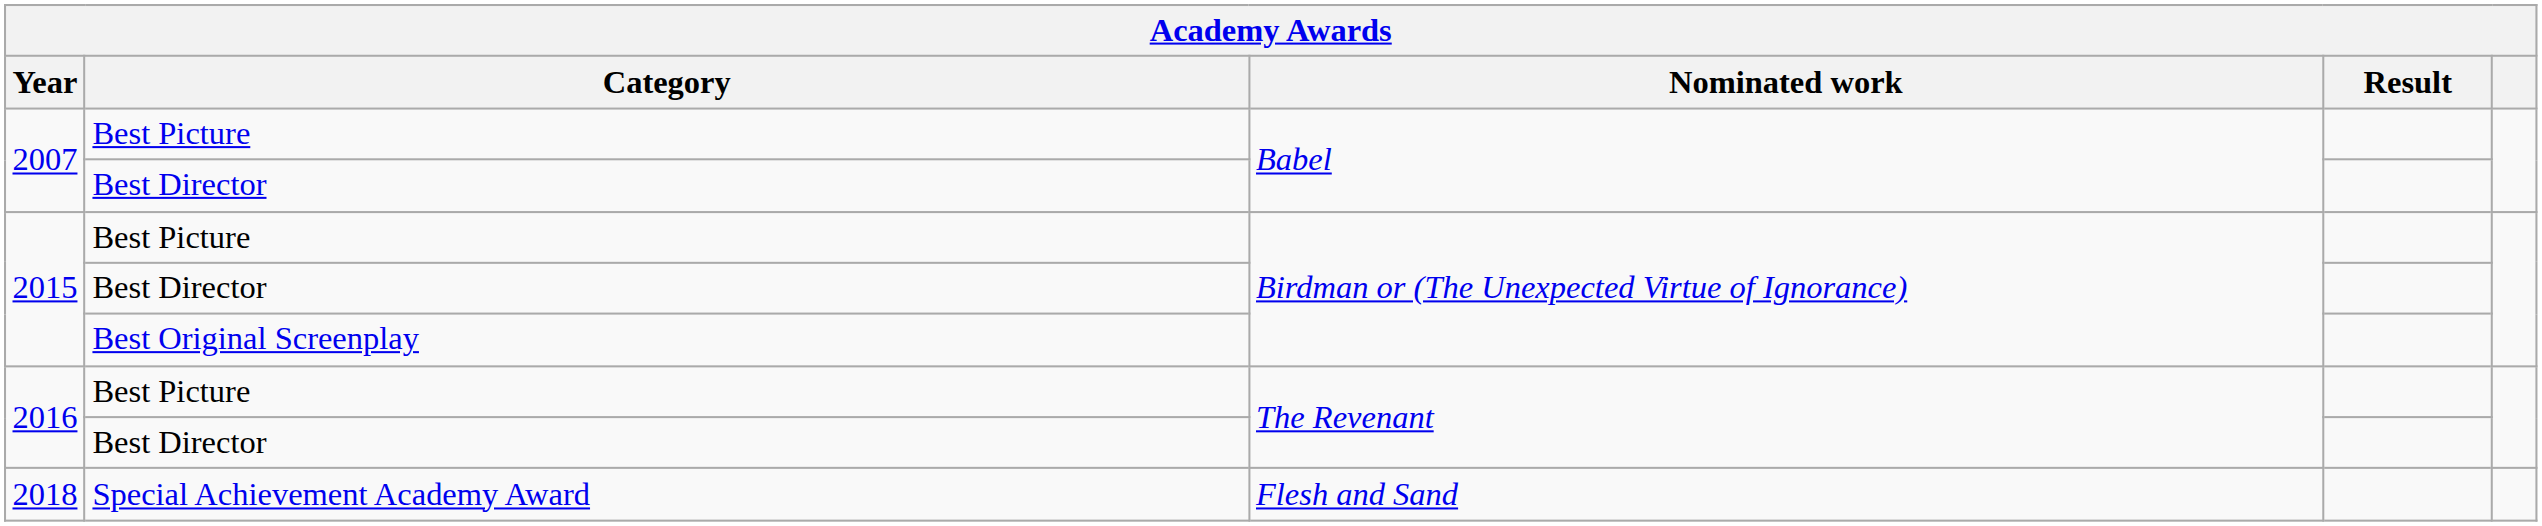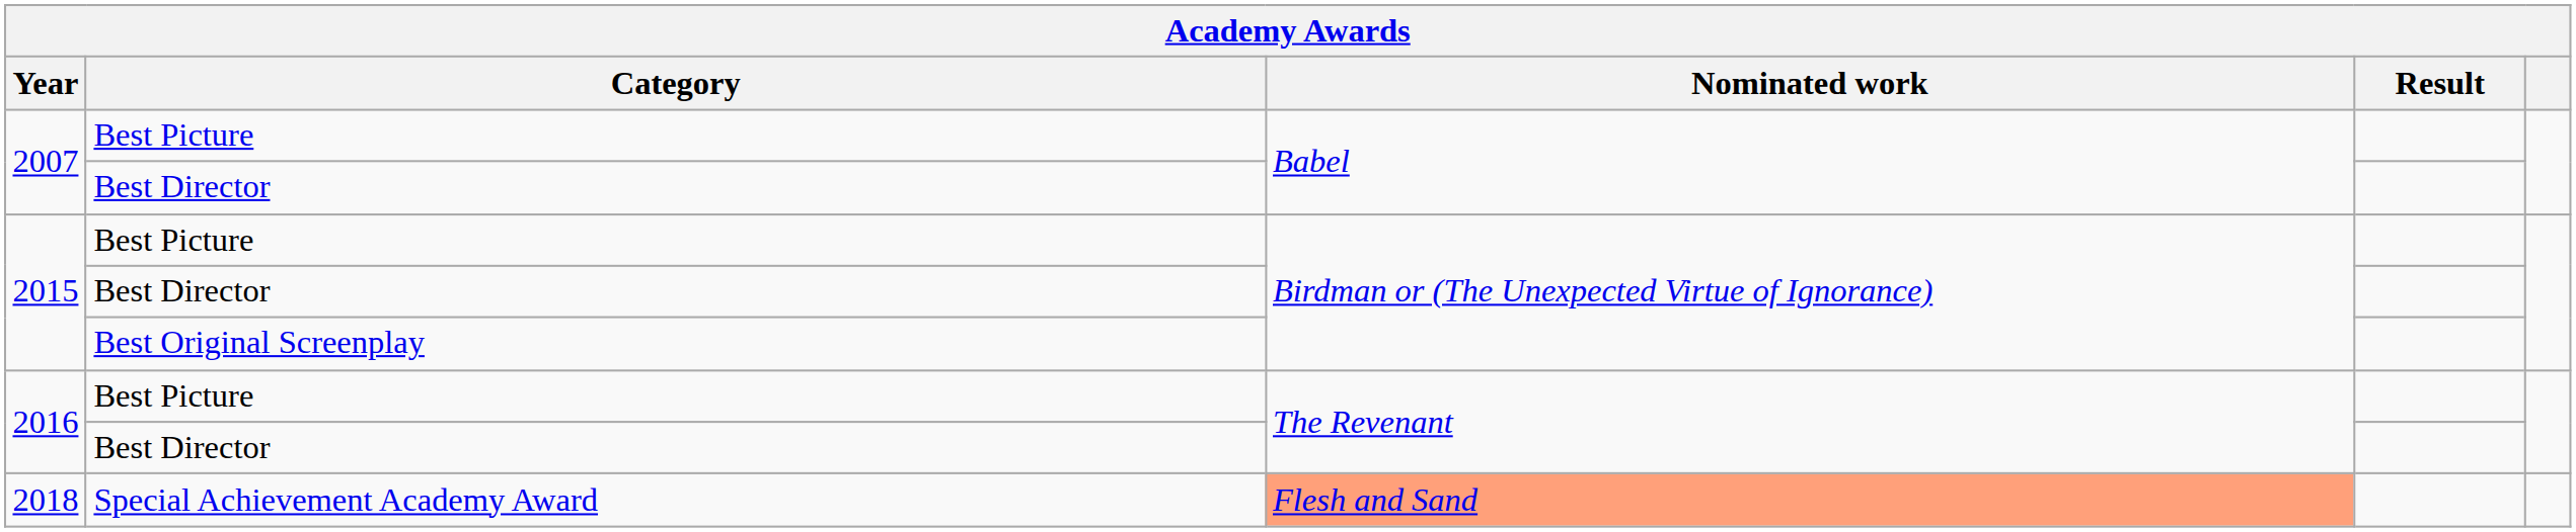 <table class="wikitable">
 <tr>
 <th colspan="7" style="text-align:center;"><a href='#'>Academy Awards</a></th>
 </tr>
 <tr>
 <th scope="col" style="width:1em;">Year</th>
 <th scope="col" style="width:39em;">Category</th>
 <th scope="col" style="width:36em;">Nominated work</th>
 <th scope="col" style="width:5em;">Result</th>
 <th scope="col" style="width:1em;"></th>
 </tr>
 <tr>
 <td rowspan="2"><a href='#'>2007</a></td>
 <td><a href='#'>Best Picture</a></td>
 <td rowspan="2"><em><a href='#'>Babel</a></em></td>
 <td></td>
 <td style="text-align:center;" rowspan="2"></td>
 </tr>
 <tr>
 <td><a href='#'>Best Director</a></td>
 <td></td>
 </tr>
 <tr>
 <td rowspan="3"><a href='#'>2015</a></td>
 <td>Best Picture</td>
 <td rowspan="3"><em><a href='#'>Birdman or (The Unexpected Virtue of Ignorance)</a></em></td>
 <td></td>
 <td style="text-align:center;" rowspan="3"></td>
 </tr>
 <tr>
 <td>Best Director</td>
 <td></td>
 </tr>
 <tr>
 <td><a href='#'>Best Original Screenplay</a></td>
 <td></td>
 </tr>
 <tr>
 <td rowspan="2"><a href='#'>2016</a></td>
 <td>Best Picture</td>
 <td rowspan="2"><em><a href='#'>The Revenant</a></em></td>
 <td></td>
 <td style="text-align:center;" rowspan="2"></td>
 </tr>
 <tr>
 <td>Best Director</td>
 <td></td>
 </tr>
 <tr>
 <td><a href='#'>2018</a></td>
 <td><a href='#'>Special Achievement Academy Award</a></td>
-<td><em><a href='#'>Flesh and Sand</a></em></td>
+<td style="background: lightsalmon;"><em><a href='#'>Flesh and Sand</a></em></td>
 <td></td>
 <td style="text-align:center;"></td>
 </tr>
 </table>
